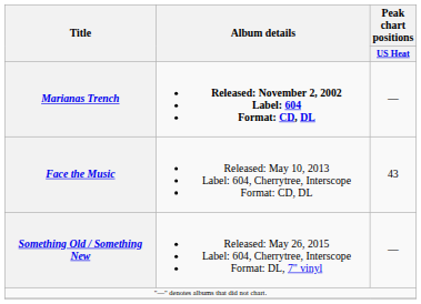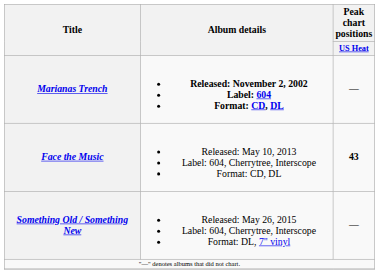 <table class="wikitable plainrowheaders" style="text-align:center;" border="1">
 <tr>
 <th scope="col" rowspan="2" style="width:14em;">Title</th>
 <th scope="col" rowspan="2" style="width:20em;">Album details</th>
 <th scope="col">Peak chart positions</th>
 </tr>
 <tr>
 <th scope="col" style="width:3em;font-size:85%;"><a href='#'>US Heat</a><br></th>
 </tr>
 <tr>
 <th scope="row"><em><a href='#'>Marianas Trench</a></em></th>
 <td><strong><br><ul><li>Released: November 2, 2002</li><li>Label: <a href='#'>604</a></li><li>Format: <a href='#'>CD</a>, <a href='#'>DL</a></li></ul></strong></td>
 <td>—</td>
 </tr>
 <tr>
 <th scope="row"><em><a href='#'>Face the Music</a></em></th>
 <td><br><ul><li>Released: May 10, 2013</li><li>Label: 604, Cherrytree, Interscope</li><li>Format: CD, DL</li></ul></td>
-<td>43</td>
+<td><strong>43</strong></td>
 </tr>
 <tr>
 <th scope="row"><em><a href='#'>Something Old / Something New</a></em></th>
 <td><br><ul><li>Released: May 26, 2015</li><li>Label: 604, Cherrytree, Interscope</li><li>Format: DL, <a href='#'>7" vinyl</a></li></ul></td>
 <td>—</td>
 </tr>
 <tr>
 <td colspan=4 style=font-size:8pt>"—" denotes albums that did not chart.</td>
 </tr>
 <tr>
 </tr>
 </table>
